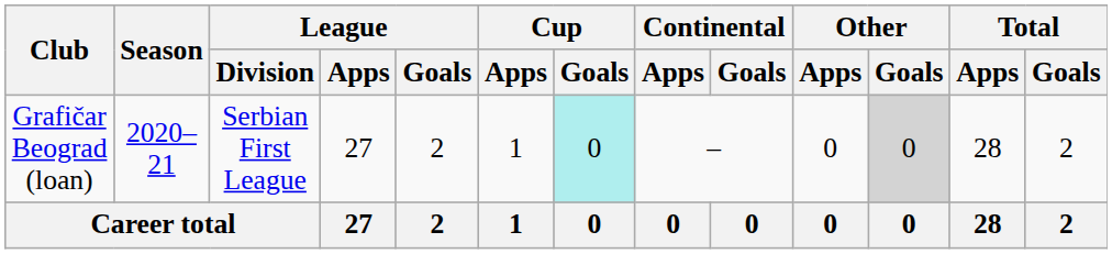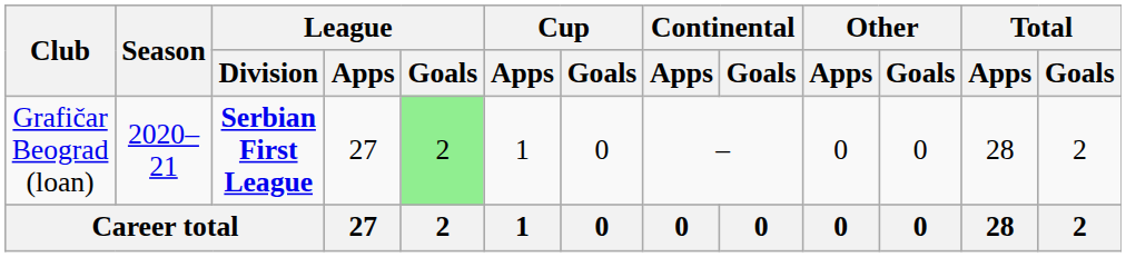 <table class="wikitable" style="text-align:center">
 <tr>
 <th rowspan="2">Club</th>
 <th rowspan="2">Season</th>
 <th colspan="3">League</th>
 <th colspan="2">Cup</th>
 <th colspan="2">Continental</th>
 <th colspan="2">Other</th>
 <th colspan="2">Total</th>
 </tr>
 <tr>
 <th>Division</th>
 <th>Apps</th>
 <th>Goals</th>
 <th>Apps</th>
 <th>Goals</th>
 <th>Apps</th>
 <th>Goals</th>
 <th>Apps</th>
 <th>Goals</th>
 <th>Apps</th>
 <th>Goals</th>
 </tr>
 <tr>
 <td><a href='#'>Grafičar Beograd</a> (loan)</td>
 <td><a href='#'>2020–21</a></td>
-<td><a href='#'>Serbian First League</a></td>
+<td><strong><a href='#'>Serbian First League</a></strong></td>
 <td>27</td>
-<td>2</td>
+<td style="background: lightgreen;">2</td>
 <td>1</td>
-<td style="background: paleturquoise;">0</td>
+<td>0</td>
 <td colspan="2">–</td>
 <td>0</td>
-<td style="background: lightgrey;">0</td>
+<td>0</td>
 <td>28</td>
 <td>2</td>
 </tr>
 <tr>
 <th colspan="3"><strong>Career total</strong></th>
 <th>27</th>
 <th>2</th>
 <th>1</th>
 <th>0</th>
 <th>0</th>
 <th>0</th>
 <th>0</th>
 <th>0</th>
 <th>28</th>
 <th>2</th>
 </tr>
 </table>
